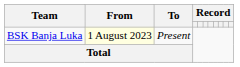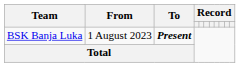 <table class="wikitable" style="text-align: center">
 <tr>
 <th rowspan="2">Team</th>
 <th rowspan="2">From</th>
 <th rowspan="2">To</th>
 <th colspan="8">Record</th>
 </tr>
 <tr>
 <th></th>
 <th></th>
 <th></th>
 <th></th>
 <th></th>
 <th></th>
 <th></th>
 <th></th>
 </tr>
 <tr>
 <td align="left"><a href='#'>BSK Banja Luka</a></td>
-<td align="left" style="background: lightyellow;">1 August 2023</td>
-<td align="left"><em>Present</em><br></td>
+<td align="left">1 August 2023</td>
+<td align="left"><strong><em>Present</em><br></strong></td>
 </tr>
 <tr>
 <th colspan="3">Total<br></th>
 </tr>
 </table>
